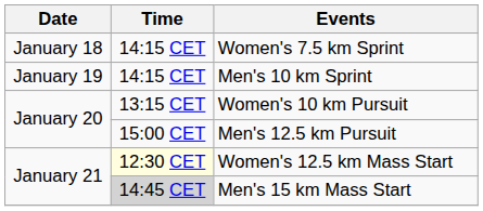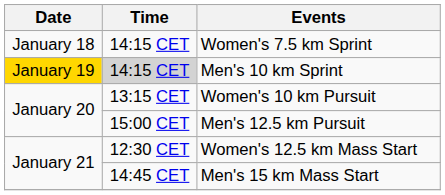 <table class="wikitable" style="text-align: center" width="420">
 <tr>
 <th>Date</th>
 <th>Time</th>
 <th>Events</th>
 </tr>
 <tr>
 <td>January 18</td>
 <td>14:15 <a href='#'>CET</a></td>
 <td style="text-align: left">Women's 7.5 km Sprint</td>
 </tr>
 <tr>
-<td>January 19</td>
-<td>14:15 <a href='#'>CET</a></td>
+<td style="background: gold;">January 19</td>
+<td style="background: lightgrey;">14:15 <a href='#'>CET</a></td>
 <td style="text-align: left">Men's 10 km Sprint</td>
 </tr>
 <tr>
 <td rowspan=2>January 20</td>
 <td>13:15 <a href='#'>CET</a></td>
 <td style="text-align: left">Women's 10 km Pursuit</td>
 </tr>
 <tr>
 <td>15:00 <a href='#'>CET</a></td>
 <td style="text-align: left">Men's 12.5 km Pursuit</td>
 </tr>
 <tr>
 <td rowspan=2>January 21</td>
-<td style="background: lightyellow;">12:30 <a href='#'>CET</a></td>
+<td>12:30 <a href='#'>CET</a></td>
 <td style="text-align: left">Women's 12.5 km Mass Start</td>
 </tr>
 <tr>
-<td style="background: lightgrey;">14:45 <a href='#'>CET</a></td>
+<td>14:45 <a href='#'>CET</a></td>
 <td style="text-align: left">Men's 15 km Mass Start</td>
 </tr>
 <tr>
 </tr>
 </table>
